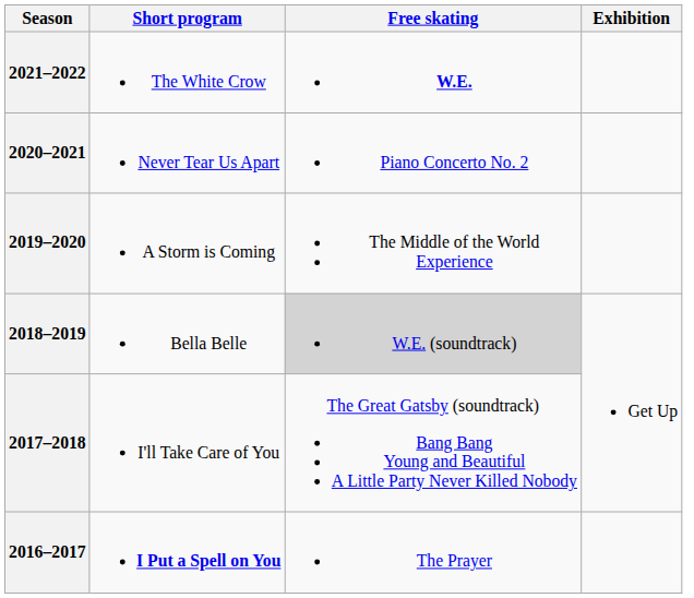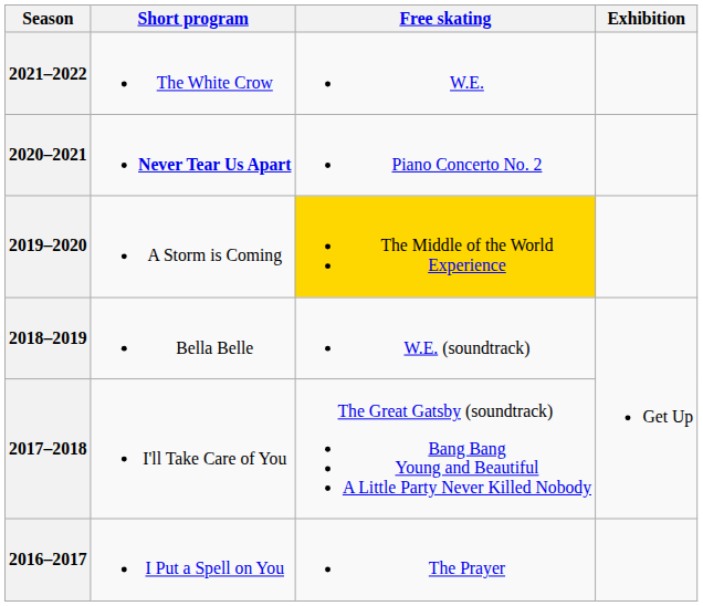 <table class="wikitable" style="text-align:center">
 <tr>
 <th>Season</th>
 <th><a href='#'>Short program</a></th>
 <th><a href='#'>Free skating</a></th>
 <th>Exhibition</th>
 </tr>
 <tr>
 <th>2021–2022 <br> </th>
 <td><br><ul><li><a href='#'>The White Crow</a> <br></li></ul></td>
-<td><strong><br><ul><li><a href='#'>W.E.</a> <br></li></ul></strong></td>
+<td><br><ul><li><a href='#'>W.E.</a> <br></li></ul></td>
 <td></td>
 </tr>
 <tr>
 <th>2020–2021 <br> </th>
-<td><br><ul><li><a href='#'>Never Tear Us Apart</a> <br></li></ul></td>
+<td><strong><br><ul><li><a href='#'>Never Tear Us Apart</a> <br></li></ul></strong></td>
 <td><br><ul><li><a href='#'>Piano Concerto No. 2</a> <br></li></ul></td>
 <td></td>
 </tr>
 <tr>
 <th>2019–2020 <br> </th>
 <td><br><ul><li>A Storm is Coming <br> </li></ul></td>
-<td><br><ul><li>The Middle of the World <br></li><li><a href='#'>Experience</a> <br></li></ul></td>
+<td style="background: gold;"><br><ul><li>The Middle of the World <br></li><li><a href='#'>Experience</a> <br></li></ul></td>
 <td></td>
 </tr>
 <tr>
 <th>2018–2019 <br> </th>
 <td><br><ul><li>Bella Belle <br> </li></ul></td>
-<td style="background: lightgrey;"><br><ul><li><a href='#'>W.E.</a> (soundtrack) <br></li></ul></td>
+<td><br><ul><li><a href='#'>W.E.</a> (soundtrack) <br></li></ul></td>
 <td rowspan=2><br><ul><li>Get Up <br></li></ul></td>
 </tr>
 <tr>
 <th>2017–2018 <br></th>
 <td><br><ul><li>I'll Take Care of You <br> </li></ul></td>
 <td><br><a href='#'>The Great Gatsby</a> (soundtrack)<ul><li><a href='#'>Bang Bang</a></li><li><a href='#'>Young and Beautiful</a></li><li><a href='#'>A Little Party Never Killed Nobody</a></li></ul></td>
 </tr>
 <tr>
 <th>2016–2017 <br></th>
-<td><strong><br><ul><li><a href='#'>I Put a Spell on You</a> <br></li></ul></strong></td>
+<td><br><ul><li><a href='#'>I Put a Spell on You</a> <br></li></ul></td>
 <td><br><ul><li><a href='#'>The Prayer</a> <br></li></ul></td>
 <td></td>
 </tr>
 </table>
